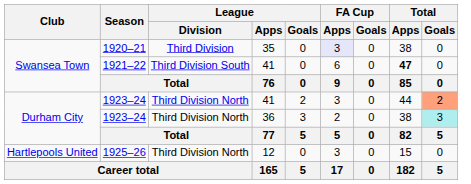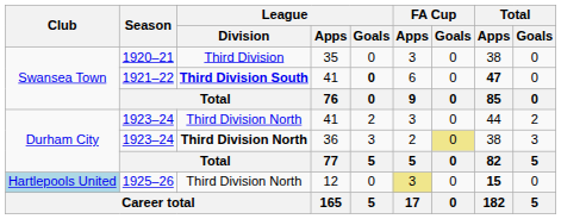 <table class="wikitable" style="text-align: center;">
 <tr>
 <th rowspan="2">Club</th>
 <th rowspan="2">Season</th>
 <th colspan="3">League</th>
 <th colspan="2">FA Cup</th>
 <th colspan="2">Total</th>
 </tr>
 <tr>
 <th>Division</th>
 <th>Apps</th>
 <th>Goals</th>
 <th>Apps</th>
 <th>Goals</th>
 <th>Apps</th>
 <th>Goals</th>
 </tr>
 <tr>
 <td rowspan="3"><a href='#'>Swansea Town</a></td>
 <td><a href='#'>1920–21</a></td>
 <td><a href='#'>Third Division</a></td>
 <td>35</td>
 <td>0</td>
-<td style="background: lavender;">3</td>
+<td>3</td>
 <td>0</td>
 <td>38</td>
 <td>0</td>
 </tr>
 <tr>
 <td><a href='#'>1921–22</a></td>
-<td><a href='#'>Third Division South</a></td>
+<td><strong><a href='#'>Third Division South</a></strong></td>
 <td>41</td>
-<td>0</td>
+<td><strong>0</strong></td>
 <td>6</td>
 <td>0</td>
 <td><strong>47</strong></td>
 <td>0</td>
 </tr>
 <tr>
 <th colspan="2">Total</th>
 <th>76</th>
 <th>0</th>
 <th>9</th>
 <th>0</th>
 <th>85</th>
 <th>0</th>
 </tr>
 <tr>
 <td rowspan="3"><a href='#'>Durham City</a></td>
 <td><a href='#'>1923–24</a></td>
 <td><a href='#'>Third Division North</a></td>
 <td>41</td>
 <td>2</td>
 <td>3</td>
 <td>0</td>
 <td>44</td>
-<td style="background: lightsalmon;">2</td>
+<td>2</td>
 </tr>
 <tr>
 <td><a href='#'>1923–24</a></td>
-<td>Third Division North</td>
+<td><strong>Third Division North</strong></td>
 <td>36</td>
 <td>3</td>
 <td>2</td>
-<td>0</td>
+<td style="background: khaki;">0</td>
 <td>38</td>
-<td style="background: paleturquoise;">3</td>
+<td>3</td>
 </tr>
 <tr>
 <th colspan="2">Total</th>
 <th>77</th>
 <th>5</th>
 <th>5</th>
 <th>0</th>
 <th>82</th>
 <th>5</th>
 </tr>
 <tr>
-<td><a href='#'>Hartlepools United</a></td>
+<td style="background: lightblue;"><a href='#'>Hartlepools United</a></td>
 <td><a href='#'>1925–26</a></td>
 <td>Third Division North</td>
 <td>12</td>
 <td>0</td>
-<td>3</td>
+<td style="background: khaki;">3</td>
 <td>0</td>
-<td>15</td>
+<td><strong>15</strong></td>
 <td>0</td>
 </tr>
 <tr>
 <th colspan="3">Career total</th>
 <th>165</th>
 <th>5</th>
 <th>17</th>
 <th>0</th>
 <th>182</th>
 <th>5</th>
 </tr>
 </table>
